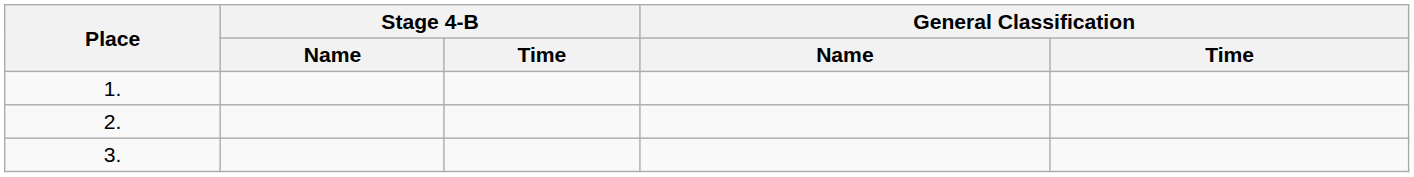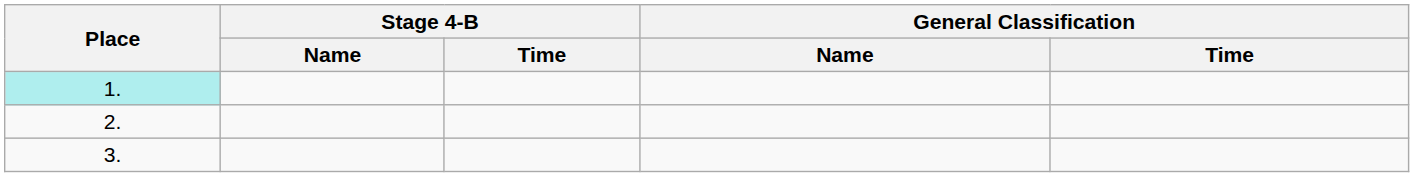 <table class=wikitable style="font-size:95%" width="80%">
 <tr>
 <th rowspan="2">Place</th>
 <th colspan="2">Stage 4-B</th>
 <th colspan="2">General Classification</th>
 </tr>
 <tr>
 <th>Name</th>
 <th>Time</th>
 <th>Name</th>
 <th>Time</th>
 </tr>
 <tr>
-<td align="center">1.</td>
+<td align="center" style="background: paleturquoise;">1.</td>
 <td></td>
 <td></td>
 <td></td>
 <td></td>
 </tr>
 <tr>
 <td align="center">2.</td>
 <td></td>
 <td></td>
 <td></td>
 <td></td>
 </tr>
 <tr>
 <td align="center">3.</td>
 <td></td>
 <td></td>
 <td></td>
 <td></td>
 </tr>
 </table>
